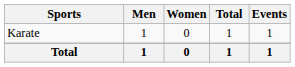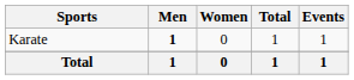 <table class="wikitable sortable" style="text-align:center;">
 <tr>
 <th width=150>Sports</th>
 <th width=45>Men</th>
 <th width=45>Women</th>
 <th width=45>Total</th>
 <th width=45>Events</th>
 </tr>
 <tr>
 <td align=left>Karate</td>
-<td>1</td>
+<td><strong>1</strong></td>
 <td>0</td>
 <td>1</td>
 <td>1</td>
 </tr>
 <tr>
 </tr>
 <tr class="sortbottom">
 <th>Total</th>
 <th>1</th>
 <th>0</th>
 <th>1</th>
 <th>1</th>
 </tr>
 </table>
